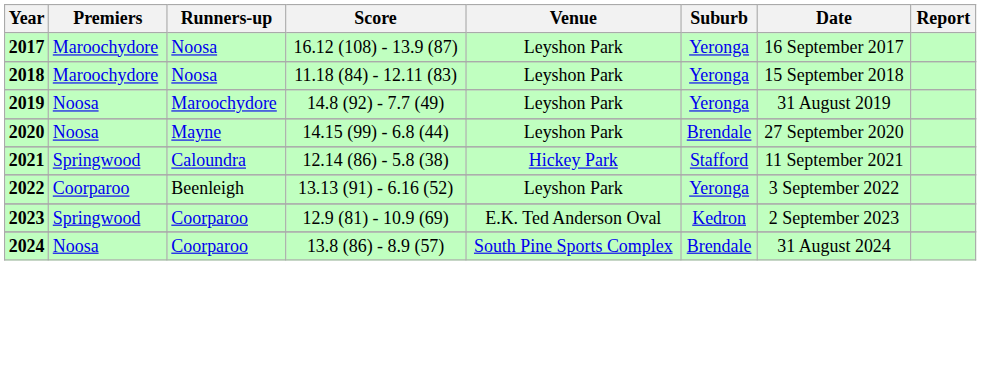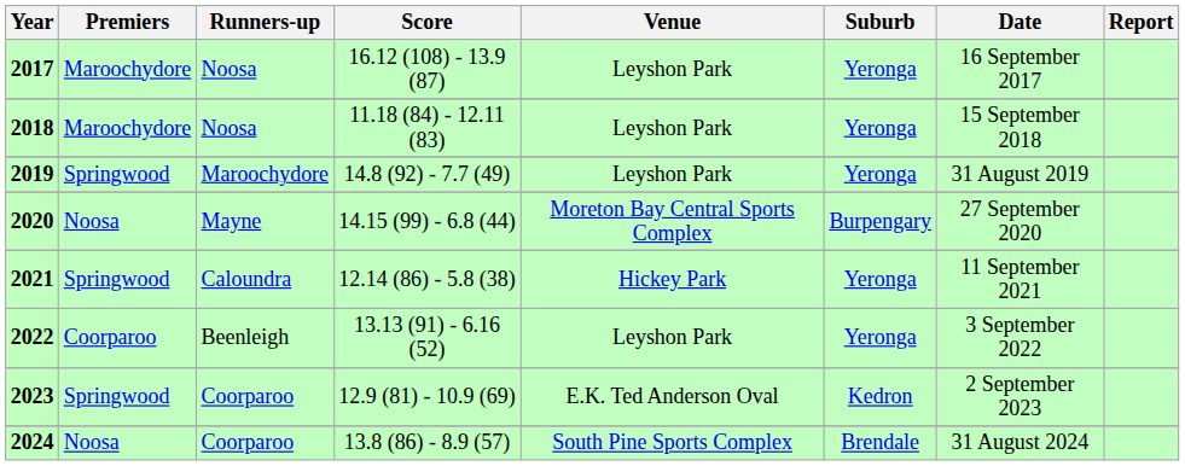 <table class="wikitable sortable" style="text-align:left; text-valign:center">
 <tr>
 <th width=3%>Year</th>
 <th>Premiers</th>
 <th>Runners-up</th>
 <th>Score</th>
 <th>Venue</th>
 <th>Suburb</th>
 <th class=unsortable>Date</th>
 <th class=unsortable>Report</th>
 </tr>
 <tr style="background:#C0FFC0;">
 <td align=center><strong>2017</strong></td>
 <td><a href='#'>Maroochydore</a></td>
 <td><a href='#'>Noosa</a></td>
 <td align=center>16.12 (108) - 13.9 (87)</td>
 <td align=center>Leyshon Park</td>
 <td align=center><a href='#'>Yeronga</a></td>
 <td align=center>16 September 2017</td>
 <td align=center></td>
 </tr>
 <tr>
 </tr>
 <tr style="background:#C0FFC0;">
 <td align=center><strong>2018</strong></td>
 <td><a href='#'>Maroochydore</a></td>
 <td><a href='#'>Noosa</a></td>
 <td align=center>11.18 (84) - 12.11 (83)</td>
 <td align=center>Leyshon Park</td>
 <td align=center><a href='#'>Yeronga</a></td>
 <td align=center>15 September 2018</td>
 <td align=center></td>
 </tr>
 <tr>
 </tr>
 <tr style="background:#C0FFC0;">
 <td align=center><strong>2019</strong></td>
-<td><a href='#'>Noosa</a></td>
+<td><a href='#'>Springwood</a></td>
 <td><a href='#'>Maroochydore</a></td>
 <td align=center>14.8 (92) - 7.7 (49)</td>
 <td align=center>Leyshon Park</td>
 <td align=center><a href='#'>Yeronga</a></td>
 <td align=center>31 August 2019</td>
 <td align=center></td>
 </tr>
 <tr>
 </tr>
 <tr style="background:#C0FFC0;">
 <td align=center><strong>2020</strong></td>
 <td><a href='#'>Noosa</a></td>
 <td><a href='#'>Mayne</a></td>
 <td align=center>14.15 (99) - 6.8 (44)</td>
-<td align=center>Leyshon Park</td>
-<td align=center><a href='#'>Brendale</a></td>
+<td align=center><a href='#'>Moreton Bay Central Sports Complex</a></td>
+<td align=center><a href='#'>Burpengary</a></td>
 <td align=center>27 September 2020</td>
 <td align=center></td>
 </tr>
 <tr>
 </tr>
 <tr style="background:#C0FFC0;">
 <td align=center><strong>2021</strong></td>
 <td><a href='#'>Springwood</a></td>
 <td><a href='#'>Caloundra</a></td>
 <td align=center>12.14 (86) - 5.8 (38)</td>
 <td align=center><a href='#'>Hickey Park</a></td>
-<td align=center><a href='#'>Stafford</a></td>
+<td align=center><a href='#'>Yeronga</a></td>
 <td align=center>11 September 2021</td>
 <td align=center></td>
 </tr>
 <tr>
 </tr>
 <tr style="background:#C0FFC0;">
 <td align=center><strong>2022</strong></td>
 <td><a href='#'>Coorparoo</a></td>
 <td>Beenleigh</td>
 <td align=center>13.13 (91) - 6.16 (52)</td>
 <td align=center>Leyshon Park</td>
 <td align=center><a href='#'>Yeronga</a></td>
 <td align=center>3 September 2022</td>
 <td align=center></td>
 </tr>
 <tr>
 </tr>
 <tr style="background:#C0FFC0;">
 <td align=center><strong>2023</strong></td>
 <td><a href='#'>Springwood</a></td>
 <td><a href='#'>Coorparoo</a></td>
 <td align=center>12.9 (81) - 10.9 (69)</td>
 <td align=center>E.K. Ted Anderson Oval</td>
 <td align=center><a href='#'>Kedron</a></td>
 <td align=center>2 September 2023</td>
 <td align=center></td>
 </tr>
 <tr>
 </tr>
 <tr style="background:#C0FFC0;">
 <td align=center><strong>2024</strong></td>
 <td><a href='#'>Noosa</a></td>
 <td><a href='#'>Coorparoo</a></td>
 <td align=center>13.8 (86) - 8.9 (57)</td>
 <td align=center><a href='#'>South Pine Sports Complex</a></td>
 <td align=center><a href='#'>Brendale</a></td>
 <td align=center>31 August 2024</td>
 <td align=center></td>
 </tr>
 </table>
